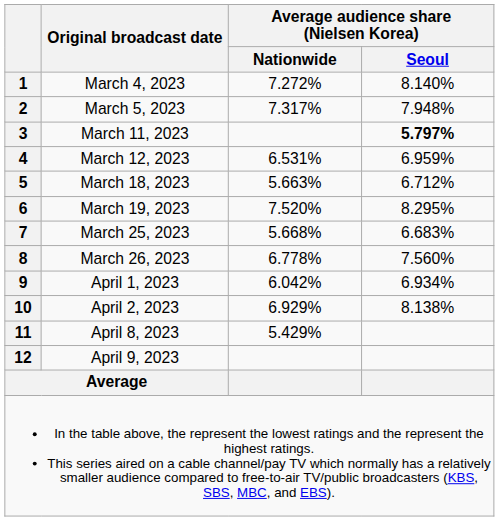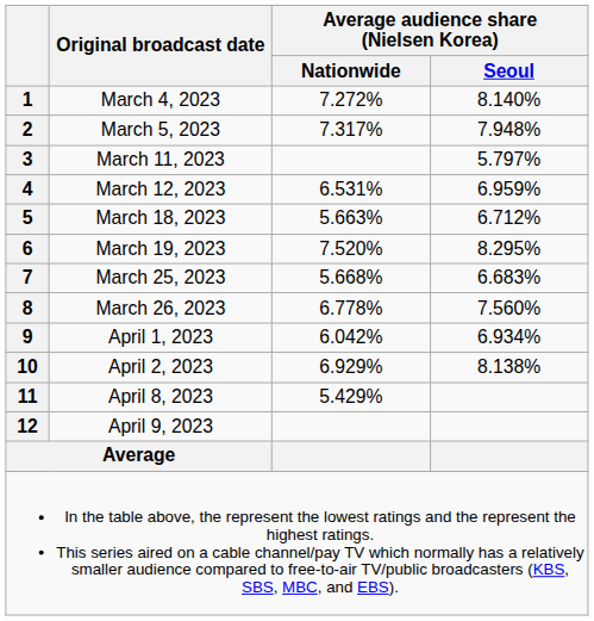 <table class="wikitable" style="text-align:center; max-width:500px; margin-left:auto; margin-right:auto">
 <tr>
 <th scope="col" rowspan="2"></th>
 <th scope="col" rowspan="2">Original broadcast date</th>
 <th scope="col" colspan="2">Average audience share<br>(Nielsen Korea)</th>
 </tr>
 <tr>
 <th scope="col" style="width:8em">Nationwide</th>
 <th scope="col" style="width:8em"><a href='#'>Seoul</a></th>
 </tr>
 <tr>
 <th scope="col">1</th>
 <td>March 4, 2023</td>
 <td>7.272% </td>
 <td>8.140% </td>
 </tr>
 <tr>
 <th scope="col">2</th>
 <td>March 5, 2023</td>
 <td>7.317% </td>
 <td>7.948% </td>
 </tr>
 <tr>
 <th scope="col">3</th>
 <td>March 11, 2023</td>
 <td><strong></strong> </td>
-<td><strong>5.797% </strong></td>
+<td>5.797% </td>
 </tr>
 <tr>
 <th scope="col">4</th>
 <td>March 12, 2023</td>
 <td>6.531% </td>
 <td>6.959% </td>
 </tr>
 <tr>
 <th scope="col">5</th>
 <td>March 18, 2023</td>
 <td>5.663% </td>
 <td>6.712% </td>
 </tr>
 <tr>
 <th scope="col">6</th>
 <td>March 19, 2023</td>
 <td>7.520% </td>
 <td>8.295% </td>
 </tr>
 <tr>
 <th scope="col">7</th>
 <td>March 25, 2023</td>
 <td>5.668% </td>
 <td>6.683% </td>
 </tr>
 <tr>
 <th scope="col">8</th>
 <td>March 26, 2023</td>
 <td>6.778% </td>
 <td>7.560% </td>
 </tr>
 <tr>
 <th scope="col">9</th>
 <td>April 1, 2023</td>
 <td>6.042% </td>
 <td>6.934% </td>
 </tr>
 <tr>
 <th scope="col">10</th>
 <td>April 2, 2023</td>
 <td>6.929% </td>
 <td>8.138% </td>
 </tr>
 <tr>
 <th scope="col">11</th>
 <td>April 8, 2023</td>
 <td>5.429% </td>
 <td><strong></strong> </td>
 </tr>
 <tr>
 <th scope="col">12</th>
 <td>April 9, 2023</td>
 <td><strong></strong> </td>
 <td><strong></strong> </td>
 </tr>
 <tr>
 <th scope="col" colspan="2">Average</th>
 <th scope="col"></th>
 <th scope="col"></th>
 </tr>
 <tr>
 <td colspan="4" style="font-size:85%"><br><ul><li>In the table above, the <strong></strong> represent the lowest ratings and the <strong></strong> represent the highest ratings.</li><li>This series aired on a cable channel/pay TV which normally has a relatively smaller audience compared to free-to-air TV/public broadcasters (<a href='#'>KBS</a>, <a href='#'>SBS</a>, <a href='#'>MBC</a>, and <a href='#'>EBS</a>).</li></ul></td>
 </tr>
 </table>
